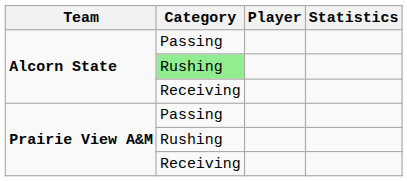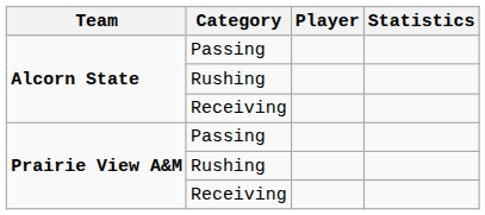 <table class="wikitable" style="float: right;">
 <tr>
 <th>Team</th>
 <th>Category</th>
 <th>Player</th>
 <th>Statistics</th>
 </tr>
 <tr>
 <td rowspan=3><strong>Alcorn State</strong></td>
 <td>Passing</td>
 <td></td>
 <td></td>
 </tr>
 <tr>
-<td style="background: lightgreen;">Rushing</td>
+<td>Rushing</td>
 <td></td>
 <td></td>
 </tr>
 <tr>
 <td>Receiving</td>
 <td></td>
 <td></td>
 </tr>
 <tr>
 <td rowspan=3><strong>Prairie View A&M</strong></td>
 <td>Passing</td>
 <td></td>
 <td></td>
 </tr>
 <tr>
 <td>Rushing</td>
 <td></td>
 <td></td>
 </tr>
 <tr>
 <td>Receiving</td>
 <td></td>
 <td></td>
 </tr>
 </table>
